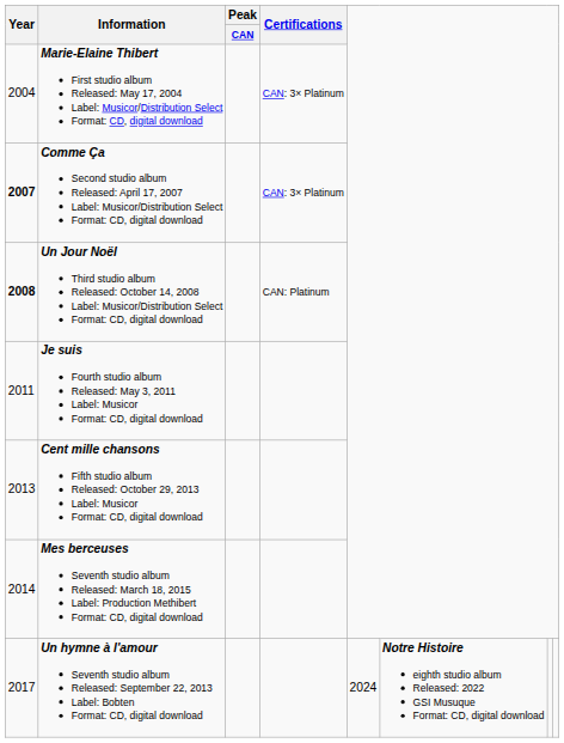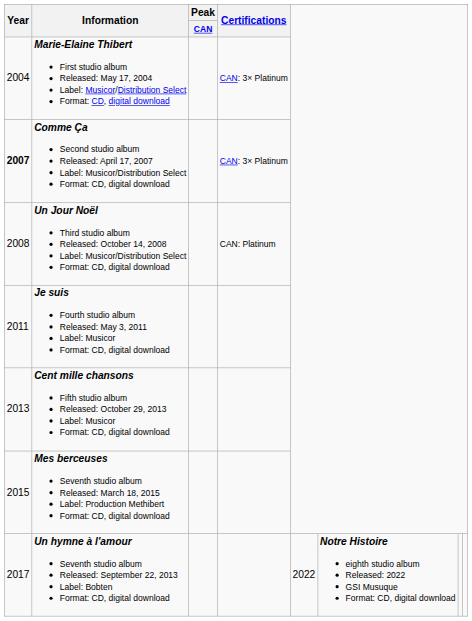 <table class="wikitable">
 <tr>
 <th align="center" rowspan="2">Year</th>
 <th align="center" rowspan="2">Information</th>
 <th align="center" rowspan="1">Peak</th>
 <th align="center" rowspan="2"><a href='#'>Certifications</a></th>
 </tr>
 <tr>
 <th width="25"><small><a href='#'>CAN</a></small></th>
 </tr>
 <tr>
 <td>2004</td>
 <td><strong><em>Marie-Elaine Thibert</em></strong><br><ul><li><small>First studio album</small></li><li><small>Released: May 17, 2004</small></li><li><small>Label: <a href='#'>Musicor</a>/<a href='#'>Distribution Select</a></small></li><li><small>Format: <a href='#'>CD</a>, <a href='#'>digital download</a></small></li></ul></td>
 <td></td>
 <td><small><a href='#'>CAN</a>: 3× Platinum</small></td>
 </tr>
 <tr>
 <td><strong>2007</strong></td>
 <td><strong><em>Comme Ça</em></strong><br><ul><li><small>Second studio album</small></li><li><small>Released: April 17, 2007</small></li><li><small>Label: Musicor/Distribution Select</small></li><li><small>Format: CD, digital download</small></li></ul></td>
 <td></td>
 <td><small><a href='#'>CAN</a>: 3× Platinum</small></td>
 </tr>
 <tr>
-<td><strong>2008</strong></td>
+<td>2008</td>
 <td><strong><em>Un Jour Noël</em></strong><br><ul><li><small>Third studio album</small></li><li><small>Released: October 14, 2008</small></li><li><small>Label: Musicor/Distribution Select</small></li><li><small>Format: CD, digital download</small></li></ul></td>
 <td></td>
 <td><small>CAN: Platinum</small></td>
 </tr>
 <tr>
 <td>2011</td>
 <td><strong><em>Je suis</em></strong><br><ul><li><small>Fourth studio album</small></li><li><small>Released: May 3, 2011</small></li><li><small>Label: Musicor</small></li><li><small>Format: CD, digital download</small></li></ul></td>
 <td></td>
 <td></td>
 </tr>
 <tr>
 <td>2013</td>
 <td><strong><em>Cent mille chansons</em></strong><br><ul><li><small>Fifth studio album</small></li><li><small>Released: October 29, 2013</small></li><li><small>Label: Musicor</small></li><li><small>Format: CD, digital download</small></li></ul></td>
 <td></td>
 <td></td>
 </tr>
 <tr>
-<td>2014</td>
+<td>2015</td>
 <td><strong><em>Mes berceuses</em></strong><br><ul><li><small>Seventh studio album</small></li><li><small>Released: March 18, 2015</small></li><li><small>Label: Production Methibert</small></li><li><small>Format: CD, digital download</small></li></ul></td>
 <td></td>
 <td></td>
 </tr>
 <tr>
 <td>2017</td>
 <td><strong><em>Un hymne à l'amour</em></strong><br><ul><li><small>Seventh studio album</small></li><li><small>Released: September 22, 2013</small></li><li><small>Label: Bobten</small></li><li><small>Format: CD, digital download</small></li></ul></td>
 <td></td>
 <td></td>
-<td>2024</td>
+<td>2022</td>
 <td><strong><em>Notre Histoire</em></strong><br><ul><li><small>eighth studio album</small></li><li><small>Released: 2022</small></li><li><small>GSI Musuque</small></li><li><small>Format: CD, digital download</small></li></ul></td>
 <td></td>
 <td></td>
 </tr>
 </table>
